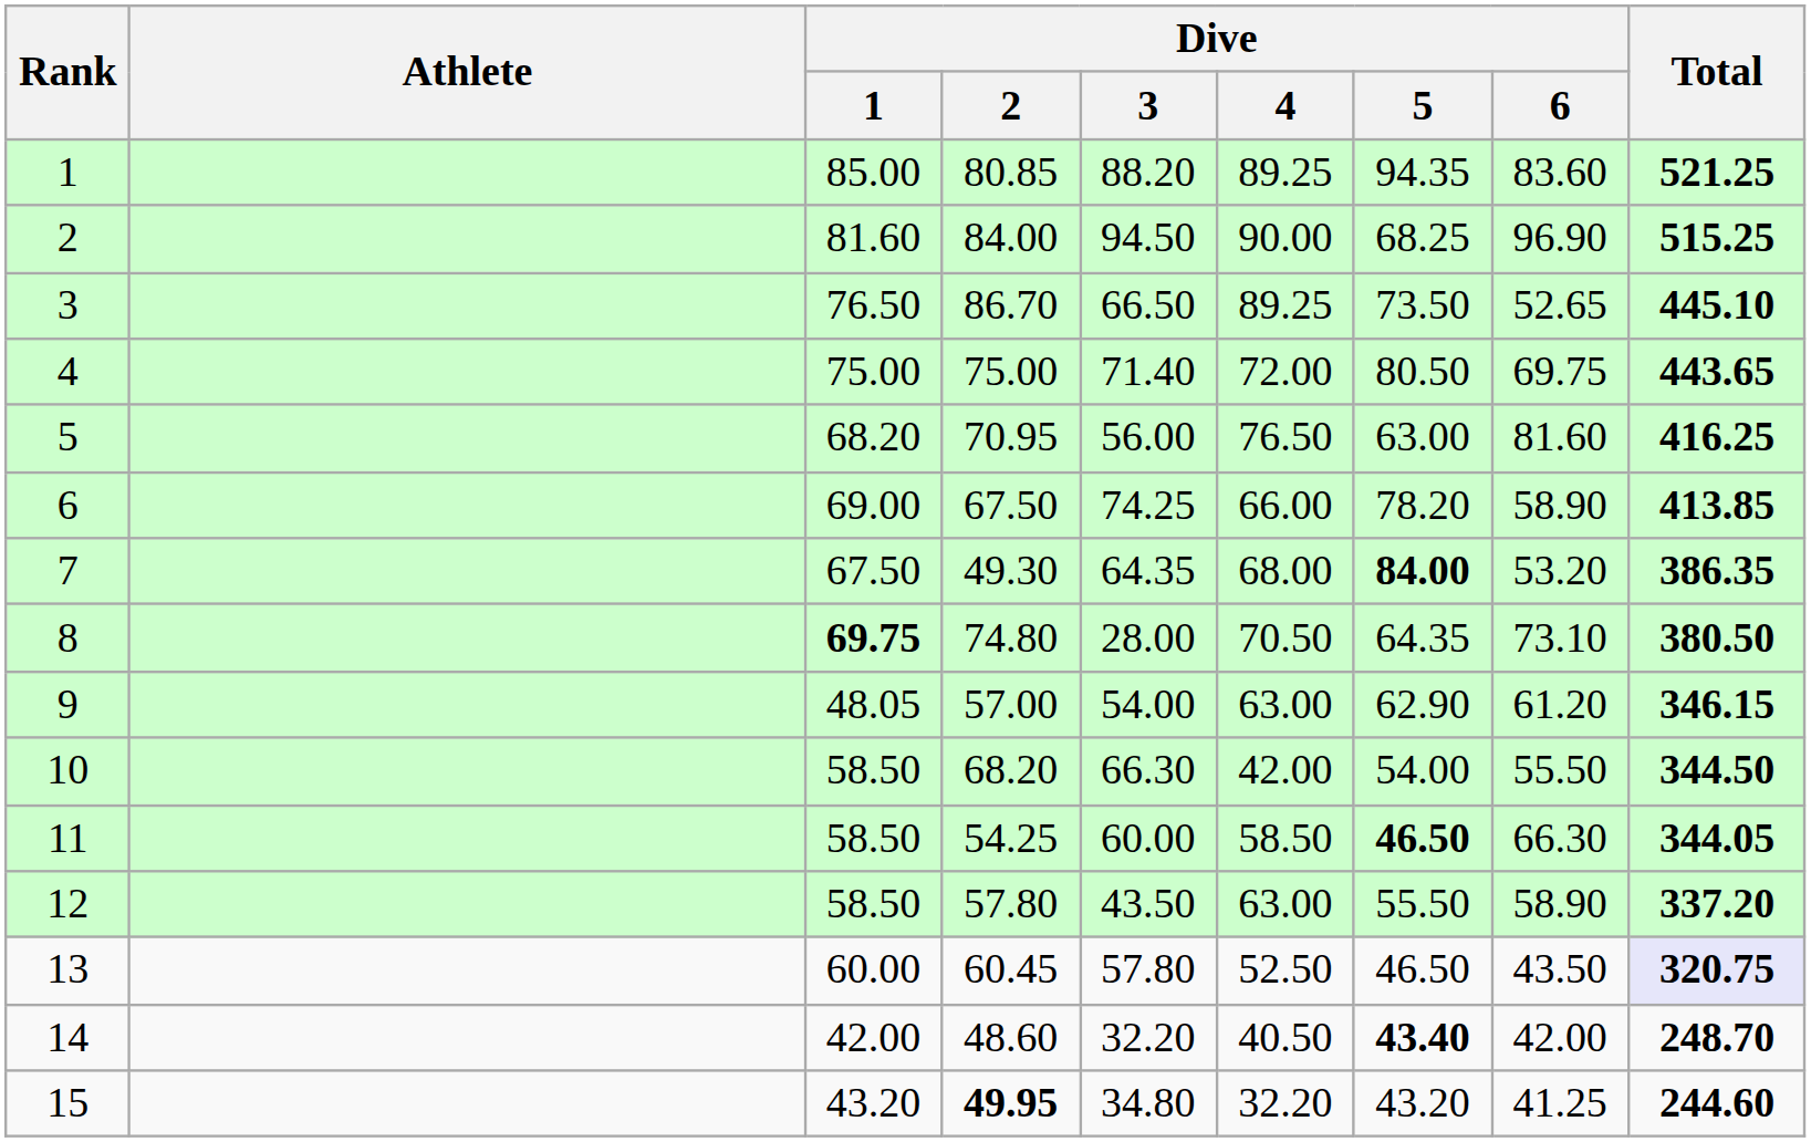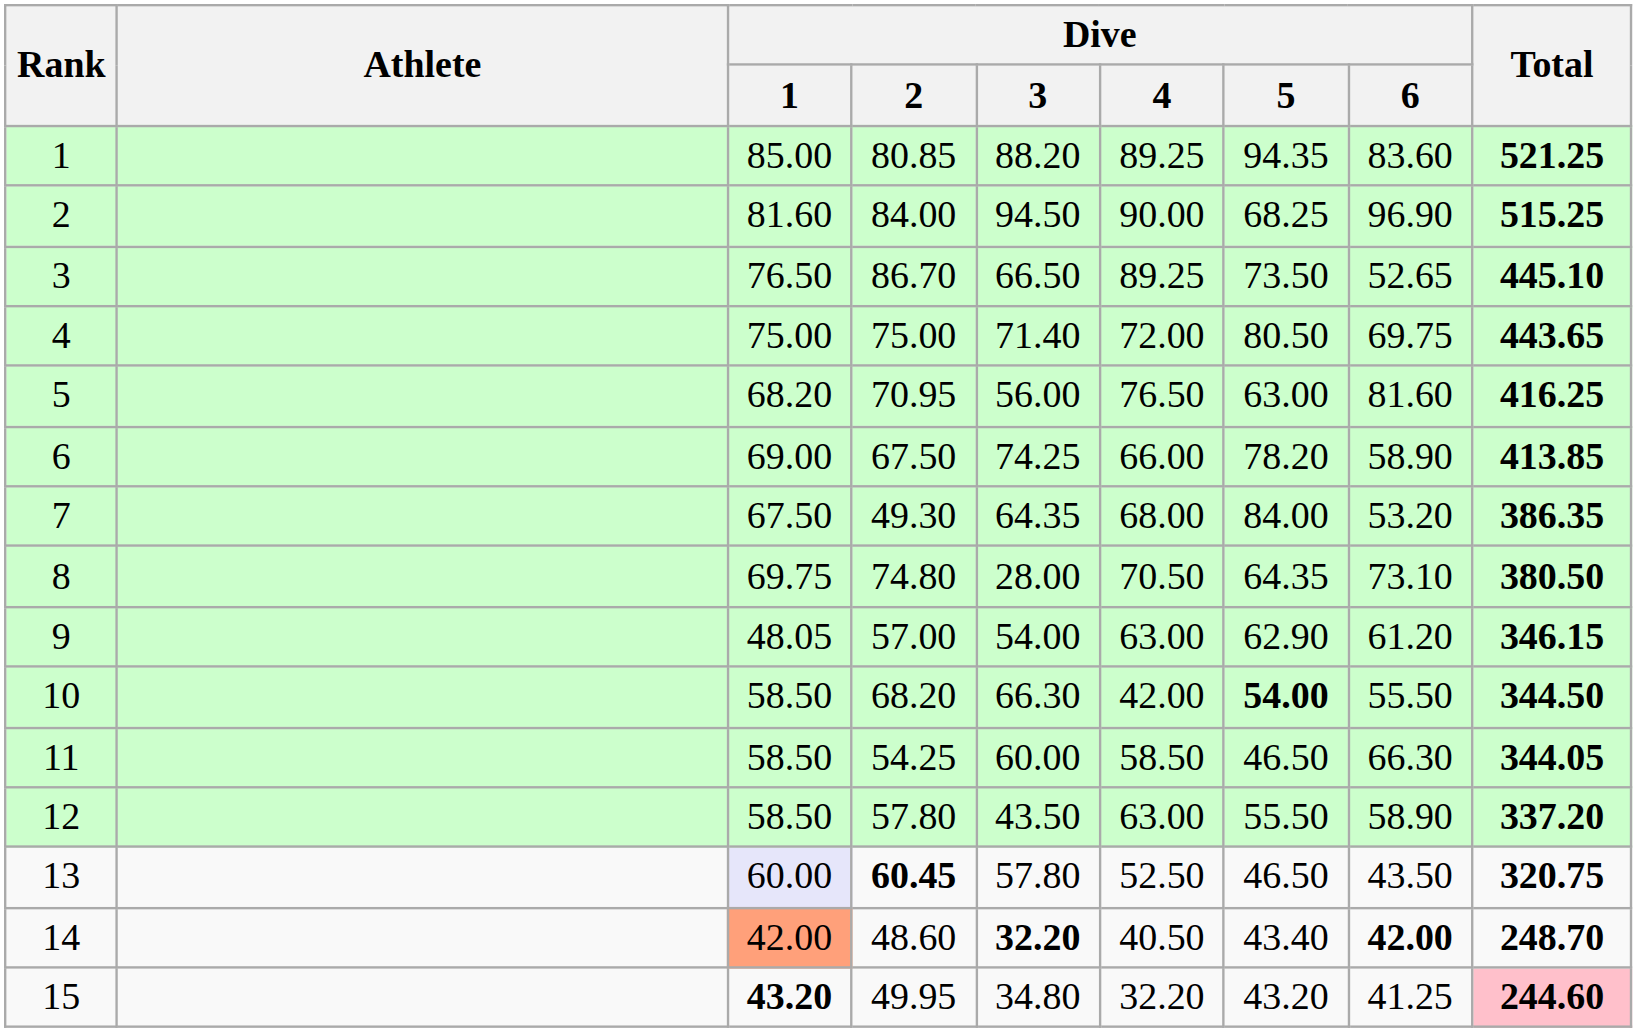 <table class=wikitable style="text-align:center">
 <tr>
 <th rowspan="2" width=40>Rank</th>
 <th rowspan="2" width=250>Athlete</th>
 <th colspan="6">Dive</th>
 <th rowspan="2" width=60>Total</th>
 </tr>
 <tr>
 <th width=45>1</th>
 <th width=45>2</th>
 <th width=45>3</th>
 <th width=45>4</th>
 <th width=45>5</th>
 <th width=45>6</th>
 </tr>
 <tr bgcolor="ccffcc">
 <td>1</td>
 <td align=left></td>
 <td>85.00</td>
 <td>80.85</td>
 <td>88.20</td>
 <td>89.25</td>
 <td>94.35</td>
 <td>83.60</td>
 <td><strong>521.25</strong></td>
 </tr>
 <tr bgcolor="ccffcc">
 <td>2</td>
 <td align=left></td>
 <td>81.60</td>
 <td>84.00</td>
 <td>94.50</td>
 <td>90.00</td>
 <td>68.25</td>
 <td>96.90</td>
 <td><strong>515.25</strong></td>
 </tr>
 <tr bgcolor="ccffcc">
 <td>3</td>
 <td align=left></td>
 <td>76.50</td>
 <td>86.70</td>
 <td>66.50</td>
 <td>89.25</td>
 <td>73.50</td>
 <td>52.65</td>
 <td><strong>445.10</strong></td>
 </tr>
 <tr bgcolor="ccffcc">
 <td>4</td>
 <td align=left></td>
 <td>75.00</td>
 <td>75.00</td>
 <td>71.40</td>
 <td>72.00</td>
 <td>80.50</td>
 <td>69.75</td>
 <td><strong>443.65</strong></td>
 </tr>
 <tr bgcolor="ccffcc">
 <td>5</td>
 <td align=left></td>
 <td>68.20</td>
 <td>70.95</td>
 <td>56.00</td>
 <td>76.50</td>
 <td>63.00</td>
 <td>81.60</td>
 <td><strong>416.25</strong></td>
 </tr>
 <tr bgcolor="ccffcc">
 <td>6</td>
 <td align=left></td>
 <td>69.00</td>
 <td>67.50</td>
 <td>74.25</td>
 <td>66.00</td>
 <td>78.20</td>
 <td>58.90</td>
 <td><strong>413.85</strong></td>
 </tr>
 <tr bgcolor="ccffcc">
 <td>7</td>
 <td align=left></td>
 <td>67.50</td>
 <td>49.30</td>
 <td>64.35</td>
 <td>68.00</td>
-<td><strong>84.00</strong></td>
+<td>84.00</td>
 <td>53.20</td>
 <td><strong>386.35</strong></td>
 </tr>
 <tr bgcolor="ccffcc">
 <td>8</td>
 <td align=left></td>
-<td><strong>69.75</strong></td>
+<td>69.75</td>
 <td>74.80</td>
 <td>28.00</td>
 <td>70.50</td>
 <td>64.35</td>
 <td>73.10</td>
 <td><strong>380.50</strong></td>
 </tr>
 <tr bgcolor="ccffcc">
 <td>9</td>
 <td align=left></td>
 <td>48.05</td>
 <td>57.00</td>
 <td>54.00</td>
 <td>63.00</td>
 <td>62.90</td>
 <td>61.20</td>
 <td><strong>346.15</strong></td>
 </tr>
 <tr bgcolor="ccffcc">
 <td>10</td>
 <td align=left></td>
 <td>58.50</td>
 <td>68.20</td>
 <td>66.30</td>
 <td>42.00</td>
-<td>54.00</td>
+<td><strong>54.00</strong></td>
 <td>55.50</td>
 <td><strong>344.50</strong></td>
 </tr>
 <tr bgcolor="ccffcc">
 <td>11</td>
 <td align=left></td>
 <td>58.50</td>
 <td>54.25</td>
 <td>60.00</td>
 <td>58.50</td>
-<td><strong>46.50</strong></td>
+<td>46.50</td>
 <td>66.30</td>
 <td><strong>344.05</strong></td>
 </tr>
 <tr bgcolor="ccffcc">
 <td>12</td>
 <td align=left></td>
 <td>58.50</td>
 <td>57.80</td>
 <td>43.50</td>
 <td>63.00</td>
 <td>55.50</td>
 <td>58.90</td>
 <td><strong>337.20</strong></td>
 </tr>
 <tr>
 <td>13</td>
 <td align=left></td>
-<td>60.00</td>
-<td>60.45</td>
+<td style="background: lavender;">60.00</td>
+<td><strong>60.45</strong></td>
 <td>57.80</td>
 <td>52.50</td>
 <td>46.50</td>
 <td>43.50</td>
-<td style="background: lavender;"><strong>320.75</strong></td>
+<td><strong>320.75</strong></td>
 </tr>
 <tr>
 <td>14</td>
 <td align=left></td>
-<td>42.00</td>
+<td style="background: lightsalmon;">42.00</td>
 <td>48.60</td>
-<td>32.20</td>
+<td><strong>32.20</strong></td>
 <td>40.50</td>
-<td><strong>43.40</strong></td>
-<td>42.00</td>
+<td>43.40</td>
+<td><strong>42.00</strong></td>
 <td><strong>248.70</strong></td>
 </tr>
 <tr>
 <td>15</td>
 <td align=left></td>
-<td>43.20</td>
-<td><strong>49.95</strong></td>
+<td><strong>43.20</strong></td>
+<td>49.95</td>
 <td>34.80</td>
 <td>32.20</td>
 <td>43.20</td>
 <td>41.25</td>
-<td><strong>244.60</strong></td>
+<td style="background: pink;"><strong>244.60</strong></td>
 </tr>
 </table>
